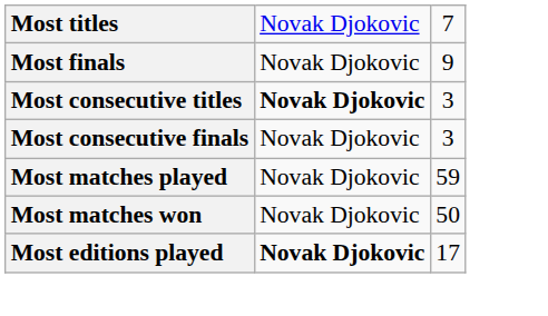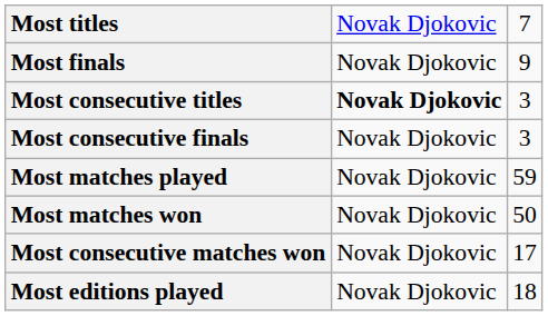 <table class=wikitable>
 <tr>
 <th style="text-align:left;">Most titles</th>
 <td> <a href='#'>Novak Djokovic</a></td>
 <td style="text-align:center;">7</td>
 </tr>
 <tr>
 <th style="text-align:left;">Most finals</th>
 <td> Novak Djokovic</td>
 <td style="text-align:center;">9</td>
 </tr>
 <tr>
 <th style="text-align:left;">Most consecutive titles<br> </th>
 <td><strong> Novak Djokovic<br></strong></td>
 <td style="text-align:center;">3</td>
 </tr>
 <tr>
 <th style="text-align:left;">Most consecutive finals<br> </th>
 <td> Novak Djokovic<br></td>
 <td style="text-align:center;">3</td>
 </tr>
 <tr>
 <th style="text-align:left;">Most matches played</th>
 <td> Novak Djokovic</td>
 <td style="text-align:center;">59</td>
 </tr>
 <tr>
 <th style="text-align:left;">Most matches won</th>
 <td> Novak Djokovic</td>
 <td style="text-align:center;">50</td>
 </tr>
 <tr>
-<th style="text-align:left;">Most editions played</th>
-<td><strong> Novak Djokovic<br></strong></td>
+<th style="text-align:left;">Most consecutive matches won</th>
+<td> Novak Djokovic<br></td>
 <td style="text-align:center;">17</td>
 </tr>
+<tr>
+<th style="text-align:left;">Most editions played</th>
+<td> Novak Djokovic<br></td>
+<td style="text-align:center;">18</td>
+</tr>
 </table>
